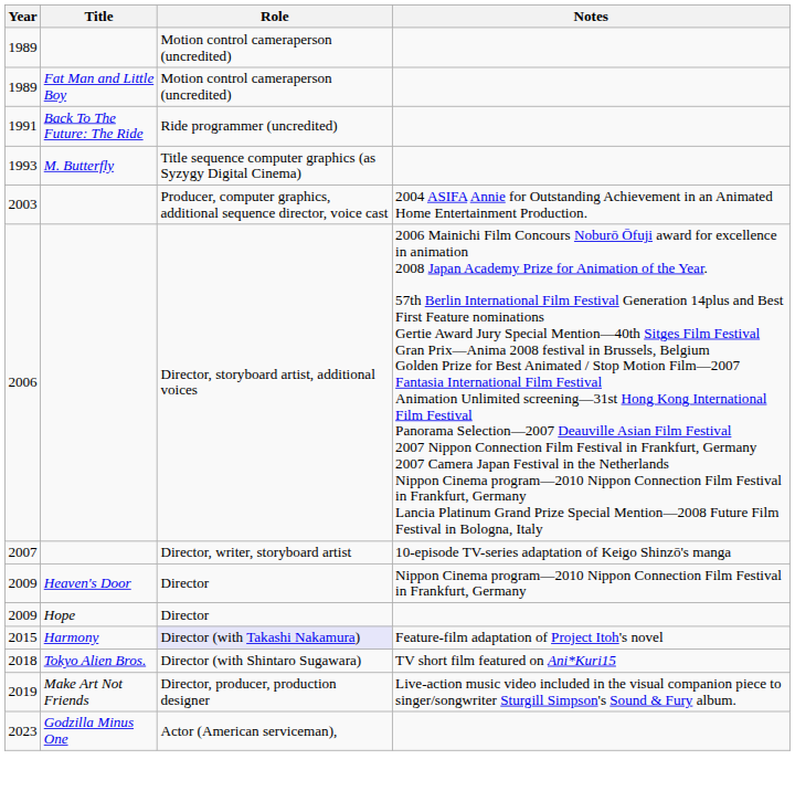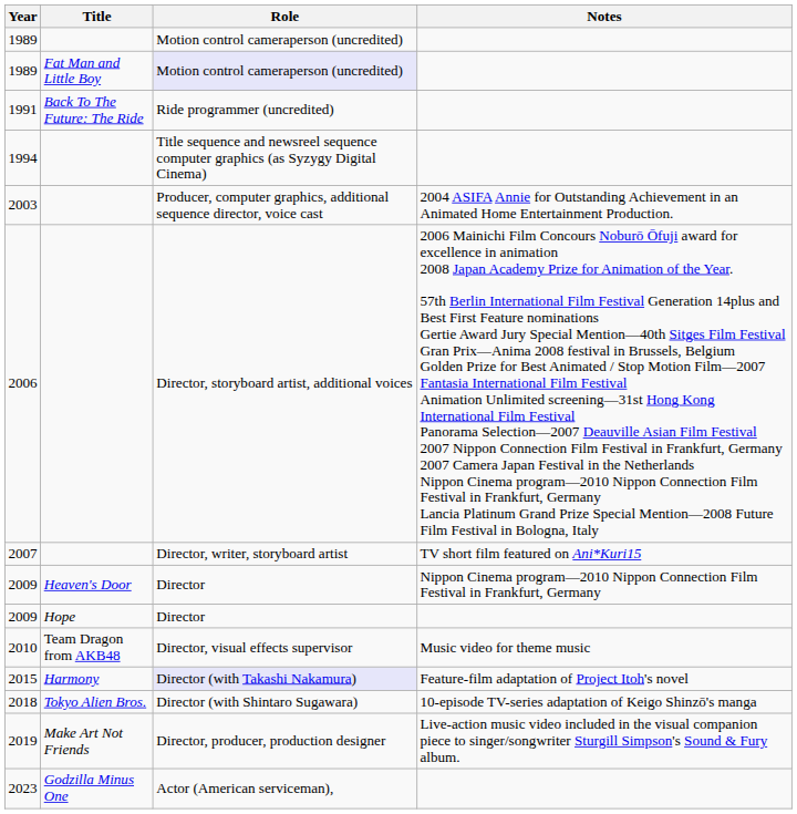 <table class="wikitable sortable">
 <tr>
 <th>Year</th>
 <th>Title</th>
 <th>Role</th>
 <th class="unsortable">Notes</th>
 </tr>
 <tr>
 <td>1989</td>
 <td><em></em></td>
 <td>Motion control cameraperson (uncredited)</td>
 <td></td>
 </tr>
 <tr>
 <td>1989</td>
 <td><em><a href='#'>Fat Man and Little Boy</a></em></td>
-<td>Motion control cameraperson (uncredited)</td>
+<td style="background: lavender;">Motion control cameraperson (uncredited)</td>
 <td></td>
 </tr>
 <tr>
 <td>1991</td>
 <td><em><a href='#'>Back To The Future: The Ride</a></em></td>
 <td>Ride programmer (uncredited)</td>
 <td></td>
 </tr>
 <tr>
-<td>1993</td>
-<td><em><a href='#'>M. Butterfly</a></em></td>
-<td>Title sequence computer graphics (as Syzygy Digital Cinema)</td>
+<td>1994</td>
+<td><em></em></td>
+<td>Title sequence and newsreel sequence computer graphics  (as Syzygy Digital Cinema)</td>
 <td></td>
 </tr>
 <tr>
 <td>2003</td>
 <td><em></em></td>
 <td>Producer, computer graphics, additional sequence director, voice cast</td>
 <td>2004 <a href='#'>ASIFA</a> <a href='#'>Annie</a> for Outstanding Achievement in an Animated Home Entertainment Production.</td>
 </tr>
 <tr>
 <td>2006</td>
 <td></td>
 <td>Director, storyboard artist, additional voices</td>
 <td>2006 Mainichi Film Concours <a href='#'>Noburō Ōfuji</a> award for excellence in animation<br>2008 <a href='#'>Japan Academy Prize for Animation of the Year</a>.<br><br>57th <a href='#'>Berlin International Film Festival</a> Generation 14plus and Best First Feature nominations<br> Gertie Award Jury Special Mention—40th <a href='#'>Sitges Film Festival</a><br> Gran Prix—Anima 2008 festival in Brussels, Belgium<br> Golden Prize for Best Animated / Stop Motion Film—2007 <a href='#'>Fantasia International Film Festival</a><br> Animation Unlimited screening—31st <a href='#'>Hong Kong International Film Festival</a><br> Panorama Selection—2007 <a href='#'>Deauville Asian Film Festival</a><br> 2007 Nippon Connection Film Festival in Frankfurt, Germany<br> 2007 Camera Japan Festival in the Netherlands<br> Nippon Cinema program—2010 Nippon Connection Film Festival in Frankfurt, Germany<br> Lancia Platinum Grand Prize Special Mention—2008 Future Film Festival in Bologna, Italy<br></td>
 </tr>
 <tr>
 <td>2007</td>
 <td></td>
 <td>Director, writer, storyboard artist</td>
-<td>10-episode TV-series adaptation of Keigo Shinzō's manga</td>
+<td>TV short film featured on <em><a href='#'>Ani*Kuri15</a></em></td>
 </tr>
 <tr>
 <td>2009</td>
 <td><em><a href='#'>Heaven's Door</a></em></td>
 <td>Director</td>
 <td>Nippon Cinema program—2010 Nippon Connection Film Festival in Frankfurt, Germany</td>
 </tr>
 <tr>
 <td>2009</td>
 <td><em>Hope</em></td>
 <td>Director</td>
 </tr>
 <tr>
+<td>2010</td>
+<td>Team Dragon from <a href='#'>AKB48</a> </td>
+<td>Director, visual effects supervisor</td>
+<td>Music video for  theme music</td>
+</tr>
+<tr>
 <td>2015</td>
 <td><em><a href='#'>Harmony</a></em></td>
 <td style="background: lavender;">Director (with <a href='#'>Takashi Nakamura</a>)</td>
 <td>Feature-film adaptation of <a href='#'>Project Itoh</a>'s novel</td>
 </tr>
 <tr>
 <td>2018</td>
 <td><em><a href='#'>Tokyo Alien Bros.</a></em></td>
 <td>Director (with Shintaro Sugawara)</td>
-<td>TV short film featured on <em><a href='#'>Ani*Kuri15</a></em></td>
+<td>10-episode TV-series adaptation of Keigo Shinzō's manga</td>
 </tr>
 <tr>
 <td>2019</td>
 <td><em>Make Art Not Friends</em></td>
 <td>Director, producer, production designer</td>
 <td>Live-action music video included in the visual companion piece to singer/songwriter <a href='#'>Sturgill Simpson</a>'s <a href='#'>Sound & Fury</a> album.</td>
 </tr>
 <tr>
 <td>2023</td>
 <td><em><a href='#'>Godzilla Minus One</a></em></td>
 <td>Actor (American serviceman), </td>
 <td></td>
 </tr>
 </table>
